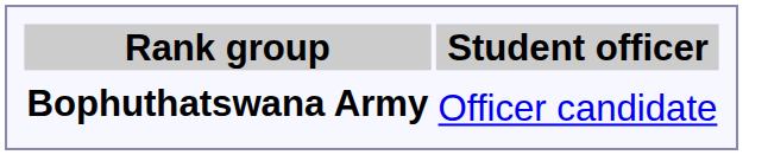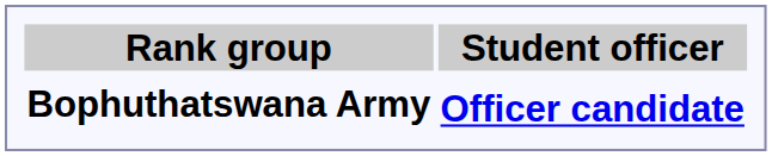 <table style="border:1px solid #8888aa; background-color:#f7f8ff; padding:5px; font-size:95%; margin: 0px 12px 12px 0px; text-align:center;">
 <tr bgcolor="#CCCCCC">
 <th>Rank group</th>
 <th>Student officer</th>
 </tr>
 <tr>
 <td rowspan=2><strong> Bophuthatswana Army</strong></td>
 <td></td>
 </tr>
 <tr>
-<td><a href='#'>Officer candidate</a><br></td>
+<td><strong><a href='#'>Officer candidate</a><br></strong></td>
 </tr>
 </table>
